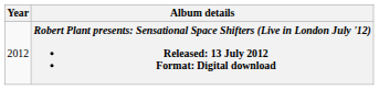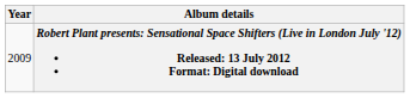 <table class="wikitable plainrowheaders" style="text-align:center">
 <tr>
 <th scope="col">Year</th>
 <th scope="col">Album details</th>
 </tr>
 <tr>
-<td>2012</td>
+<td>2009</td>
 <th scope="row"><em>Robert Plant presents: Sensational Space Shifters (Live in London July '12)</em><br><ul><li>Released: 13 July 2012</li><li>Format: Digital download</li></ul></th>
 </tr>
 </table>
